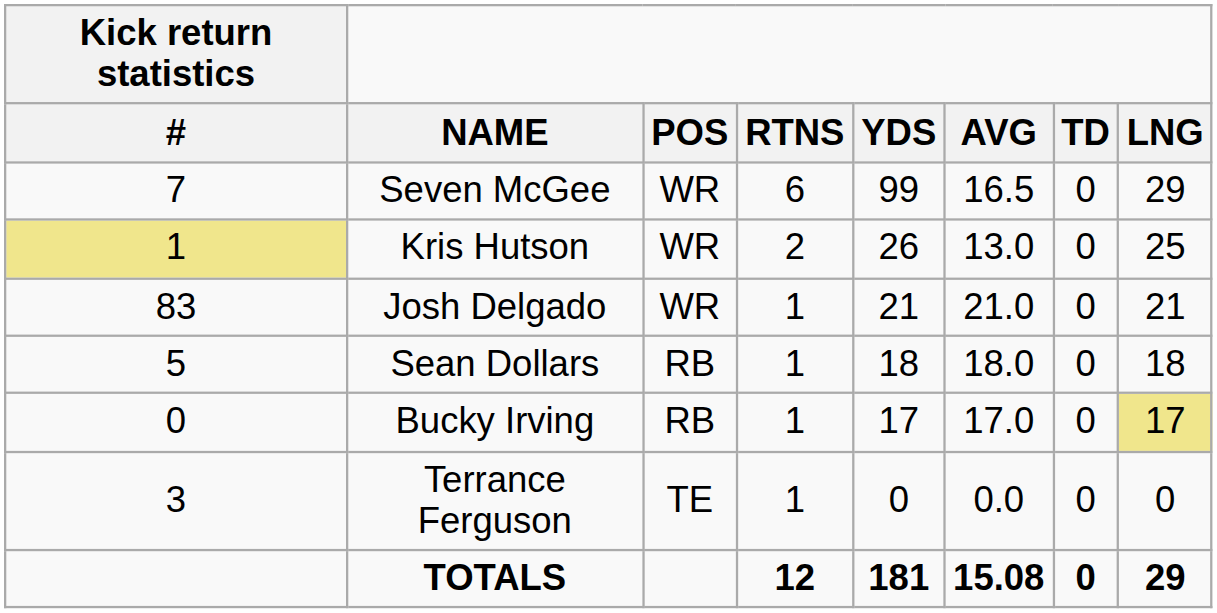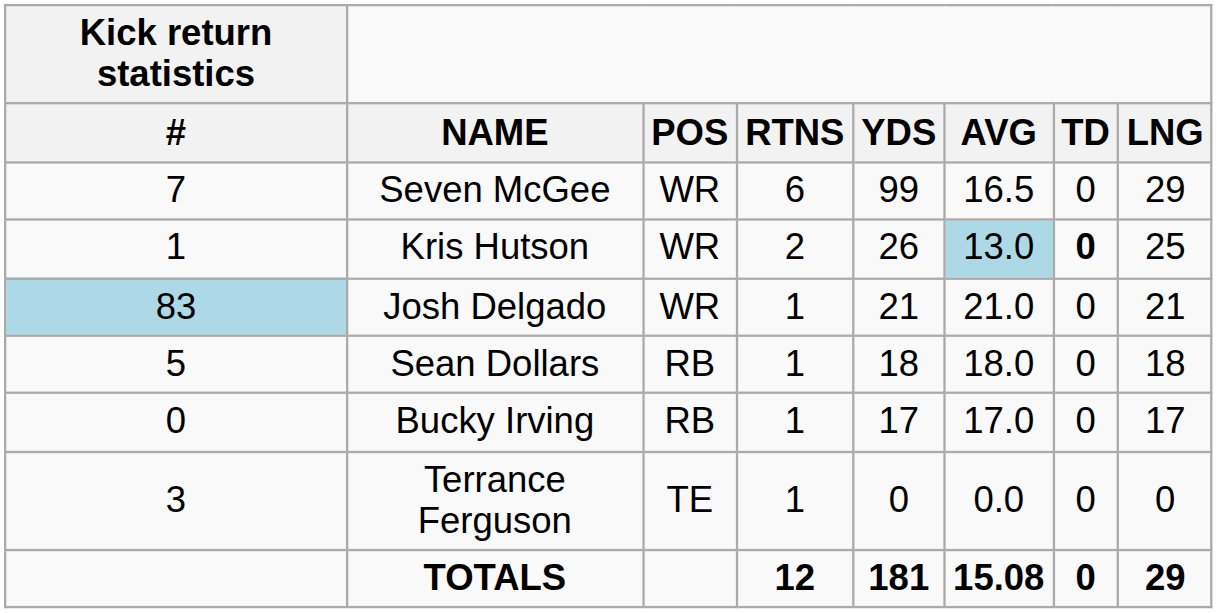 <table style="width:60%; text-align:center;" class="wikitable collapsible collapsed">
 <tr>
 <th style="text-align:center; ">Kick return statistics</th>
 </tr>
 <tr>
 <th>#</th>
 <th>NAME</th>
 <th>POS</th>
 <th>RTNS</th>
 <th>YDS</th>
 <th>AVG</th>
 <th>TD</th>
 <th>LNG</th>
 </tr>
 <tr>
 <td>7</td>
 <td>Seven McGee</td>
 <td>WR</td>
 <td>6</td>
 <td>99</td>
 <td>16.5</td>
 <td>0</td>
 <td>29</td>
 </tr>
 <tr>
-<td style="background: khaki;">1</td>
+<td>1</td>
 <td>Kris Hutson</td>
 <td>WR</td>
 <td>2</td>
 <td>26</td>
-<td>13.0</td>
-<td>0</td>
+<td style="background: lightblue;">13.0</td>
+<td><strong>0</strong></td>
 <td>25</td>
 </tr>
 <tr>
-<td>83</td>
+<td style="background: lightblue;">83</td>
 <td>Josh Delgado</td>
 <td>WR</td>
 <td>1</td>
 <td>21</td>
 <td>21.0</td>
 <td>0</td>
 <td>21</td>
 </tr>
 <tr>
 <td>5</td>
 <td>Sean Dollars</td>
 <td>RB</td>
 <td>1</td>
 <td>18</td>
 <td>18.0</td>
 <td>0</td>
 <td>18</td>
 </tr>
 <tr>
 <td>0</td>
 <td>Bucky Irving</td>
 <td>RB</td>
 <td>1</td>
 <td>17</td>
 <td>17.0</td>
 <td>0</td>
-<td style="background: khaki;">17</td>
+<td>17</td>
 </tr>
 <tr>
 <td>3</td>
 <td>Terrance Ferguson</td>
 <td>TE</td>
 <td>1</td>
 <td>0</td>
 <td>0.0</td>
 <td>0</td>
 <td>0</td>
 </tr>
 <tr>
 <td></td>
 <td><strong>TOTALS</strong></td>
 <td></td>
 <td><strong>12</strong></td>
 <td><strong>181</strong></td>
 <td><strong>15.08</strong></td>
 <td><strong>0</strong></td>
 <td><strong>29</strong></td>
 </tr>
 </table>
